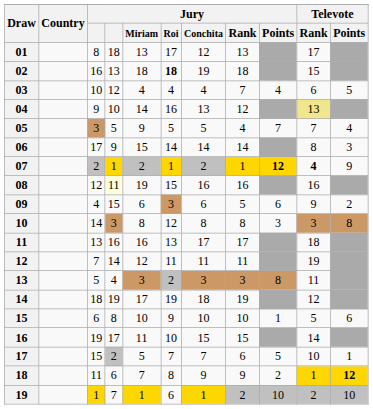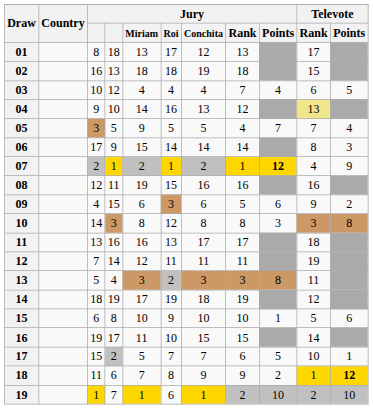 <table class="sortable wikitable collapsible plainrowheaders" style="text-align:center;">
 <tr>
 </tr>
 <tr>
 <th scope="col" rowspan="2">Draw</th>
 <th scope="col" rowspan="2">Country</th>
 <th scope="col" colspan="7">Jury</th>
 <th scope="col" colspan="2">Televote</th>
 </tr>
 <tr>
 <th scope="col"><small></small></th>
 <th scope="col"><small></small></th>
 <th scope="col"><small>Miriam</small></th>
 <th scope="col"><small>Roi</small></th>
 <th scope="col"><small>Conchita</small></th>
 <th scope="col">Rank</th>
 <th scope="col">Points</th>
 <th scope="col">Rank</th>
 <th scope="col">Points</th>
 </tr>
 <tr>
 <th scope="row" style="text-align:center;">01</th>
 <td style="text-align:left;"></td>
 <td>8</td>
 <td>18</td>
 <td>13</td>
 <td>17</td>
 <td>12</td>
 <td>13</td>
 <td style="background:#AAAAAA;"></td>
 <td>17</td>
 <td style="background:#AAAAAA;"></td>
 </tr>
 <tr>
 <th scope="row" style="text-align:center;">02</th>
 <td style="text-align:left;"></td>
 <td>16</td>
 <td>13</td>
 <td>18</td>
-<td><strong>18</strong></td>
+<td>18</td>
 <td>19</td>
 <td>18</td>
 <td style="background:#AAAAAA;"></td>
 <td>15</td>
 <td style="background:#AAAAAA;"></td>
 </tr>
 <tr>
 <th scope="row" style="text-align:center;">03</th>
 <td style="text-align:left;"></td>
 <td>10</td>
 <td>12</td>
 <td>4</td>
 <td>4</td>
 <td>4</td>
 <td>7</td>
 <td>4</td>
 <td>6</td>
 <td>5</td>
 </tr>
 <tr>
 <th scope="row" style="text-align:center;">04</th>
 <td style="text-align:left;"></td>
 <td>9</td>
 <td>10</td>
 <td>14</td>
 <td>16</td>
 <td>13</td>
 <td>12</td>
 <td style="background:#AAAAAA;"></td>
 <td style="background: khaki;">13</td>
 <td style="background:#AAAAAA;"></td>
 </tr>
 <tr>
 <th scope="row" style="text-align:center;">05</th>
 <td style="text-align:left;"></td>
 <td style="background:#CC9966;">3</td>
 <td>5</td>
 <td>9</td>
 <td>5</td>
 <td>5</td>
 <td>4</td>
 <td>7</td>
 <td>7</td>
 <td>4</td>
 </tr>
 <tr>
 <th scope="row" style="text-align:center;">06</th>
 <td style="text-align:left;"></td>
 <td>17</td>
 <td>9</td>
 <td>15</td>
 <td>14</td>
 <td>14</td>
 <td>14</td>
 <td style="background:#AAAAAA;"></td>
 <td>8</td>
 <td>3</td>
 </tr>
 <tr>
 <th scope="row" style="text-align:center;">07</th>
 <td style="text-align:left;"></td>
 <td style="background:silver;">2</td>
 <td style="background:gold;">1</td>
 <td style="background:silver;">2</td>
 <td style="background:gold;">1</td>
 <td style="background:silver;">2</td>
 <td style="background:gold;">1</td>
 <td style="background:gold;"><strong>12</strong></td>
-<td><strong>4</strong></td>
+<td>4</td>
 <td>9</td>
 </tr>
 <tr>
 <th scope="row" style="text-align:center;">08</th>
 <td style="text-align:left;"></td>
 <td>12</td>
-<td style="background: lightyellow;">11</td>
+<td>11</td>
 <td>19</td>
 <td>15</td>
 <td>16</td>
 <td>16</td>
 <td style="background:#AAAAAA;"></td>
 <td>16</td>
 <td style="background:#AAAAAA;"></td>
 </tr>
 <tr>
 <th scope="row" style="text-align:center;">09</th>
 <td style="text-align:left;"></td>
 <td>4</td>
 <td>15</td>
 <td>6</td>
 <td style="background:#CC9966;">3</td>
 <td>6</td>
 <td>5</td>
 <td>6</td>
 <td>9</td>
 <td>2</td>
 </tr>
 <tr>
 <th scope="row" style="text-align:center;">10</th>
 <td style="text-align:left;"></td>
 <td>14</td>
 <td style="background:#CC9966;">3</td>
 <td>8</td>
 <td>12</td>
 <td>8</td>
 <td>8</td>
 <td>3</td>
 <td style="background:#CC9966;">3</td>
 <td style="background:#CC9966;">8</td>
 </tr>
 <tr>
 <th scope="row" style="text-align:center;">11</th>
 <td style="text-align:left;"></td>
 <td>13</td>
 <td>16</td>
 <td>16</td>
 <td>13</td>
 <td>17</td>
 <td>17</td>
 <td style="background:#AAAAAA;"></td>
 <td>18</td>
 <td style="background:#AAAAAA;"></td>
 </tr>
 <tr>
 <th scope="row" style="text-align:center;">12</th>
 <td style="text-align:left;"></td>
 <td>7</td>
 <td>14</td>
 <td>12</td>
 <td>11</td>
 <td>11</td>
 <td>11</td>
 <td style="background:#AAAAAA;"></td>
 <td>19</td>
 <td style="background:#AAAAAA;"></td>
 </tr>
 <tr>
 <th scope="row" style="text-align:center;">13</th>
 <td style="text-align:left;"></td>
 <td>5</td>
 <td>4</td>
 <td style="background:#CC9966;">3</td>
 <td style="background:silver;">2</td>
 <td style="background:#CC9966;">3</td>
 <td style="background:#CC9966;">3</td>
 <td style="background:#CC9966;">8</td>
 <td>11</td>
 <td style="background:#AAAAAA;"></td>
 </tr>
 <tr>
 <th scope="row" style="text-align:center;">14</th>
 <td style="text-align:left;"></td>
 <td>18</td>
 <td>19</td>
 <td>17</td>
 <td>19</td>
 <td>18</td>
 <td>19</td>
 <td style="background:#AAAAAA;"></td>
 <td>12</td>
 <td style="background:#AAAAAA;"></td>
 </tr>
 <tr>
 <th scope="row" style="text-align:center;">15</th>
 <td style="text-align:left;"></td>
 <td>6</td>
 <td>8</td>
 <td>10</td>
 <td>9</td>
 <td>10</td>
 <td>10</td>
 <td>1</td>
 <td>5</td>
 <td>6</td>
 </tr>
 <tr>
 <th scope="row" style="text-align:center;">16</th>
 <td style="text-align:left;"></td>
 <td>19</td>
 <td>17</td>
 <td>11</td>
 <td>10</td>
 <td>15</td>
 <td>15</td>
 <td style="background:#AAAAAA;"></td>
 <td>14</td>
 <td style="background:#AAAAAA;"></td>
 </tr>
 <tr>
 <th scope="row" style="text-align:center;">17</th>
 <td style="text-align:left;"></td>
 <td>15</td>
 <td style="background:silver;">2</td>
 <td>5</td>
 <td>7</td>
 <td>7</td>
 <td>6</td>
 <td>5</td>
 <td>10</td>
 <td>1</td>
 </tr>
 <tr>
 <th scope="row" style="text-align:center;">18</th>
 <td style="text-align:left;"></td>
 <td>11</td>
 <td>6</td>
 <td>7</td>
 <td>8</td>
 <td>9</td>
 <td>9</td>
 <td>2</td>
 <td style="background:gold;">1</td>
 <td style="background:gold;"><strong>12</strong></td>
 </tr>
 <tr>
 <th scope="row" style="text-align:center;">19</th>
 <td style="text-align:left;"></td>
 <td style="background:gold;">1</td>
 <td>7</td>
 <td style="background:gold;">1</td>
 <td>6</td>
 <td style="background:gold;">1</td>
 <td style="background:silver;">2</td>
 <td style="background:silver;">10</td>
 <td style="background:silver;">2</td>
 <td style="background:silver;">10</td>
 </tr>
 </table>
